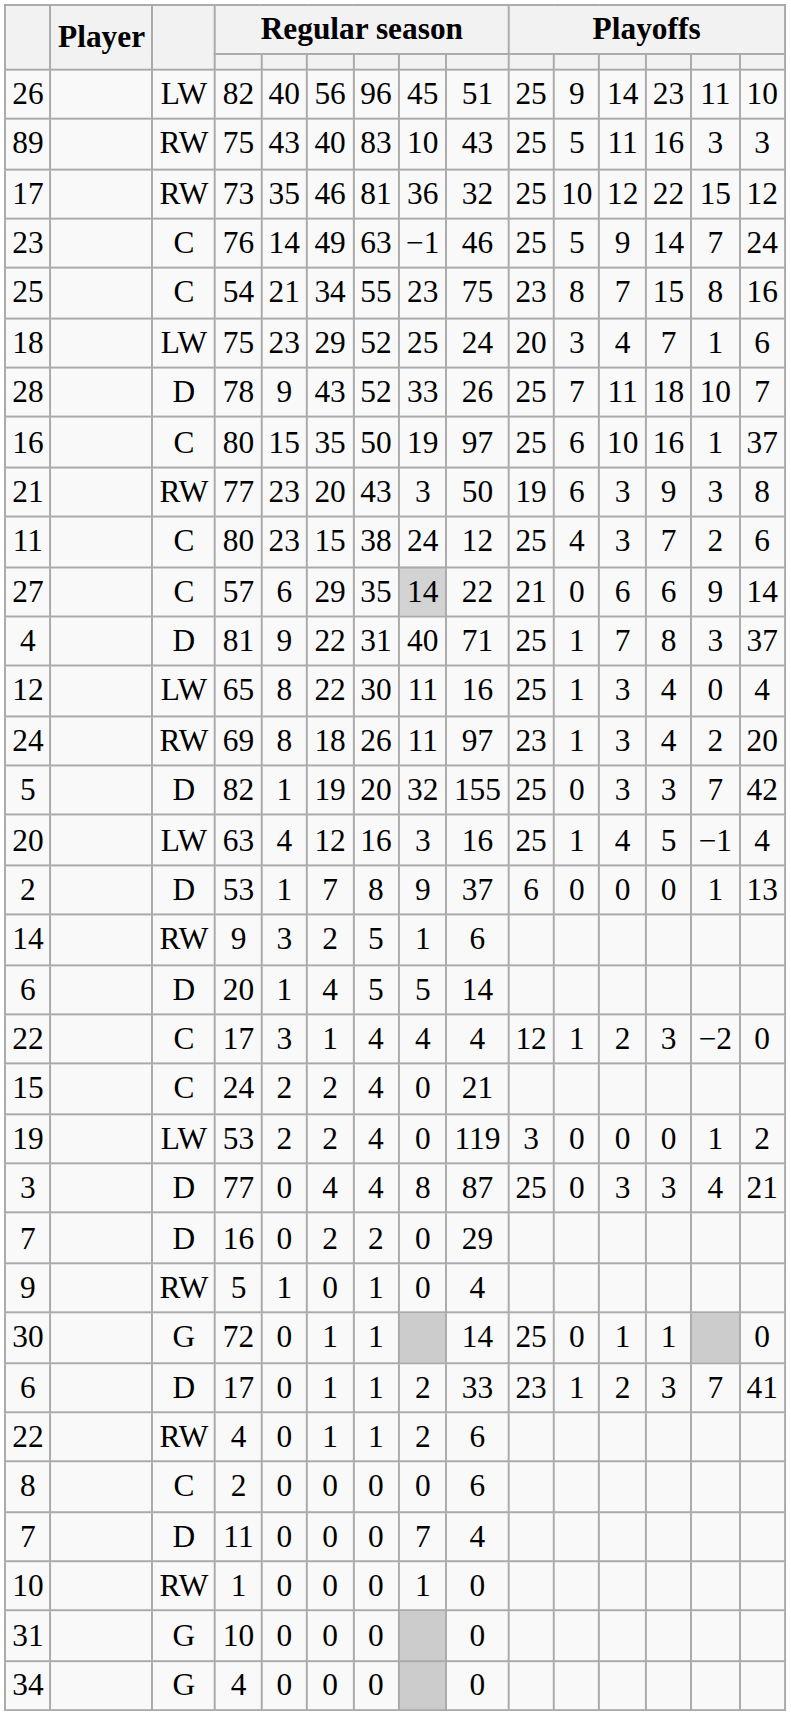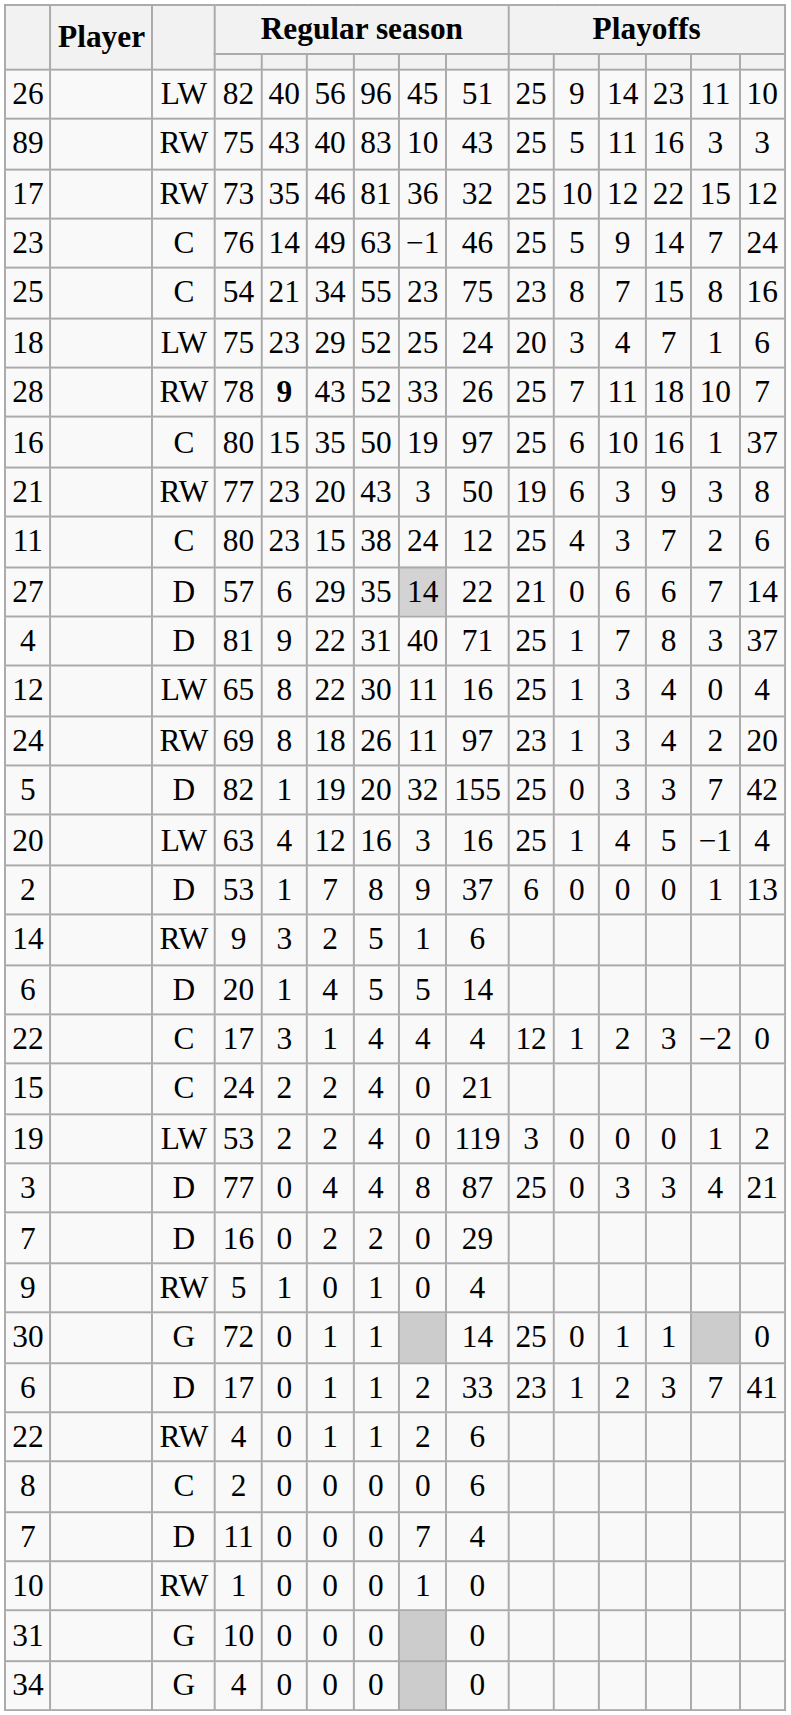 <table class="wikitable sortable plainrowheaders" style="text-align:center;">
 <tr>
 <th scope="col" data-sort-type="number" rowspan="2"></th>
 <th scope="col" rowspan="2">Player</th>
 <th scope="col" rowspan="2"></th>
 <th scope=colgroup colspan=6>Regular season</th>
 <th scope=colgroup colspan=6>Playoffs</th>
 </tr>
 <tr>
 <th scope="col" data-sort-type="number"></th>
 <th scope="col" data-sort-type="number"></th>
 <th scope="col" data-sort-type="number"></th>
 <th scope="col" data-sort-type="number"></th>
 <th scope="col" data-sort-type="number"></th>
 <th scope="col" data-sort-type="number"></th>
 <th scope="col" data-sort-type="number"></th>
 <th scope="col" data-sort-type="number"></th>
 <th scope="col" data-sort-type="number"></th>
 <th scope="col" data-sort-type="number"></th>
 <th scope="col" data-sort-type="number"></th>
 <th scope="col" data-sort-type="number"></th>
 </tr>
 <tr>
 <td scope="row">26</td>
 <td align="left"></td>
 <td>LW</td>
 <td>82</td>
 <td>40</td>
 <td>56</td>
 <td>96</td>
 <td>45</td>
 <td>51</td>
 <td>25</td>
 <td>9</td>
 <td>14</td>
 <td>23</td>
 <td>11</td>
 <td>10</td>
 </tr>
 <tr>
 <td scope="row">89</td>
 <td align="left"></td>
 <td>RW</td>
 <td>75</td>
 <td>43</td>
 <td>40</td>
 <td>83</td>
 <td>10</td>
 <td>43</td>
 <td>25</td>
 <td>5</td>
 <td>11</td>
 <td>16</td>
 <td>3</td>
 <td>3</td>
 </tr>
 <tr>
 <td scope="row">17</td>
 <td align="left"></td>
 <td>RW</td>
 <td>73</td>
 <td>35</td>
 <td>46</td>
 <td>81</td>
 <td>36</td>
 <td>32</td>
 <td>25</td>
 <td>10</td>
 <td>12</td>
 <td>22</td>
 <td>15</td>
 <td>12</td>
 </tr>
 <tr>
 <td scope="row">23</td>
 <td align="left"></td>
 <td>C</td>
 <td>76</td>
 <td>14</td>
 <td>49</td>
 <td>63</td>
 <td>−1</td>
 <td>46</td>
 <td>25</td>
 <td>5</td>
 <td>9</td>
 <td>14</td>
 <td>7</td>
 <td>24</td>
 </tr>
 <tr>
 <td scope="row">25</td>
 <td align="left"></td>
 <td>C</td>
 <td>54</td>
 <td>21</td>
 <td>34</td>
 <td>55</td>
 <td>23</td>
 <td>75</td>
 <td>23</td>
 <td>8</td>
 <td>7</td>
 <td>15</td>
 <td>8</td>
 <td>16</td>
 </tr>
 <tr>
 <td scope="row">18</td>
 <td align="left"></td>
 <td>LW</td>
 <td>75</td>
 <td>23</td>
 <td>29</td>
 <td>52</td>
 <td>25</td>
 <td>24</td>
 <td>20</td>
 <td>3</td>
 <td>4</td>
 <td>7</td>
 <td>1</td>
 <td>6</td>
 </tr>
 <tr>
 <td scope="row">28</td>
 <td align="left"></td>
-<td>D</td>
+<td>RW</td>
 <td>78</td>
-<td>9</td>
+<td><strong>9</strong></td>
 <td>43</td>
 <td>52</td>
 <td>33</td>
 <td>26</td>
 <td>25</td>
 <td>7</td>
 <td>11</td>
 <td>18</td>
 <td>10</td>
 <td>7</td>
 </tr>
 <tr>
 <td scope="row">16</td>
 <td align="left"></td>
 <td>C</td>
 <td>80</td>
 <td>15</td>
 <td>35</td>
 <td>50</td>
 <td>19</td>
 <td>97</td>
 <td>25</td>
 <td>6</td>
 <td>10</td>
 <td>16</td>
 <td>1</td>
 <td>37</td>
 </tr>
 <tr>
 <td scope="row">21</td>
 <td align="left"></td>
 <td>RW</td>
 <td>77</td>
 <td>23</td>
 <td>20</td>
 <td>43</td>
 <td>3</td>
 <td>50</td>
 <td>19</td>
 <td>6</td>
 <td>3</td>
 <td>9</td>
 <td>3</td>
 <td>8</td>
 </tr>
 <tr>
 <td scope="row">11</td>
 <td align="left"></td>
 <td>C</td>
 <td>80</td>
 <td>23</td>
 <td>15</td>
 <td>38</td>
 <td>24</td>
 <td>12</td>
 <td>25</td>
 <td>4</td>
 <td>3</td>
 <td>7</td>
 <td>2</td>
 <td>6</td>
 </tr>
 <tr>
 <td scope="row">27</td>
 <td align="left"></td>
-<td>C</td>
+<td>D</td>
 <td>57</td>
 <td>6</td>
 <td>29</td>
 <td>35</td>
 <td style="background: lightgrey;">14</td>
 <td>22</td>
 <td>21</td>
 <td>0</td>
 <td>6</td>
 <td>6</td>
-<td>9</td>
+<td>7</td>
 <td>14</td>
 </tr>
 <tr>
 <td scope="row">4</td>
 <td align="left"></td>
 <td>D</td>
 <td>81</td>
 <td>9</td>
 <td>22</td>
 <td>31</td>
 <td>40</td>
 <td>71</td>
 <td>25</td>
 <td>1</td>
 <td>7</td>
 <td>8</td>
 <td>3</td>
 <td>37</td>
 </tr>
 <tr>
 <td scope="row">12</td>
 <td align="left"></td>
 <td>LW</td>
 <td>65</td>
 <td>8</td>
 <td>22</td>
 <td>30</td>
 <td>11</td>
 <td>16</td>
 <td>25</td>
 <td>1</td>
 <td>3</td>
 <td>4</td>
 <td>0</td>
 <td>4</td>
 </tr>
 <tr>
 <td scope="row">24</td>
 <td align="left"></td>
 <td>RW</td>
 <td>69</td>
 <td>8</td>
 <td>18</td>
 <td>26</td>
 <td>11</td>
 <td>97</td>
 <td>23</td>
 <td>1</td>
 <td>3</td>
 <td>4</td>
 <td>2</td>
 <td>20</td>
 </tr>
 <tr>
 <td scope="row">5</td>
 <td align="left"></td>
 <td>D</td>
 <td>82</td>
 <td>1</td>
 <td>19</td>
 <td>20</td>
 <td>32</td>
 <td>155</td>
 <td>25</td>
 <td>0</td>
 <td>3</td>
 <td>3</td>
 <td>7</td>
 <td>42</td>
 </tr>
 <tr>
 <td scope="row">20</td>
 <td align="left"></td>
 <td>LW</td>
 <td>63</td>
 <td>4</td>
 <td>12</td>
 <td>16</td>
 <td>3</td>
 <td>16</td>
 <td>25</td>
 <td>1</td>
 <td>4</td>
 <td>5</td>
 <td>−1</td>
 <td>4</td>
 </tr>
 <tr>
 <td scope="row">2</td>
 <td align="left"></td>
 <td>D</td>
 <td>53</td>
 <td>1</td>
 <td>7</td>
 <td>8</td>
 <td>9</td>
 <td>37</td>
 <td>6</td>
 <td>0</td>
 <td>0</td>
 <td>0</td>
 <td>1</td>
 <td>13</td>
 </tr>
 <tr>
 <td scope="row">14</td>
 <td align="left"></td>
 <td>RW</td>
 <td>9</td>
 <td>3</td>
 <td>2</td>
 <td>5</td>
 <td>1</td>
 <td>6</td>
 <td></td>
 <td></td>
 <td></td>
 <td></td>
 <td></td>
 <td></td>
 </tr>
 <tr>
 <td scope="row">6</td>
 <td align="left"></td>
 <td>D</td>
 <td>20</td>
 <td>1</td>
 <td>4</td>
 <td>5</td>
 <td>5</td>
 <td>14</td>
 <td></td>
 <td></td>
 <td></td>
 <td></td>
 <td></td>
 <td></td>
 </tr>
 <tr>
 <td scope="row">22</td>
 <td align="left"></td>
 <td>C</td>
 <td>17</td>
 <td>3</td>
 <td>1</td>
 <td>4</td>
 <td>4</td>
 <td>4</td>
 <td>12</td>
 <td>1</td>
 <td>2</td>
 <td>3</td>
 <td>−2</td>
 <td>0</td>
 </tr>
 <tr>
 <td scope="row">15</td>
 <td align="left"></td>
 <td>C</td>
 <td>24</td>
 <td>2</td>
 <td>2</td>
 <td>4</td>
 <td>0</td>
 <td>21</td>
 <td></td>
 <td></td>
 <td></td>
 <td></td>
 <td></td>
 <td></td>
 </tr>
 <tr>
 <td scope="row">19</td>
 <td align="left"></td>
 <td>LW</td>
 <td>53</td>
 <td>2</td>
 <td>2</td>
 <td>4</td>
 <td>0</td>
 <td>119</td>
 <td>3</td>
 <td>0</td>
 <td>0</td>
 <td>0</td>
 <td>1</td>
 <td>2</td>
 </tr>
 <tr>
 <td scope="row">3</td>
 <td align="left"></td>
 <td>D</td>
 <td>77</td>
 <td>0</td>
 <td>4</td>
 <td>4</td>
 <td>8</td>
 <td>87</td>
 <td>25</td>
 <td>0</td>
 <td>3</td>
 <td>3</td>
 <td>4</td>
 <td>21</td>
 </tr>
 <tr>
 <td scope="row">7</td>
 <td align="left"></td>
 <td>D</td>
 <td>16</td>
 <td>0</td>
 <td>2</td>
 <td>2</td>
 <td>0</td>
 <td>29</td>
 <td></td>
 <td></td>
 <td></td>
 <td></td>
 <td></td>
 <td></td>
 </tr>
 <tr>
 <td scope="row">9</td>
 <td align="left"></td>
 <td>RW</td>
 <td>5</td>
 <td>1</td>
 <td>0</td>
 <td>1</td>
 <td>0</td>
 <td>4</td>
 <td></td>
 <td></td>
 <td></td>
 <td></td>
 <td></td>
 <td></td>
 </tr>
 <tr>
 <td scope="row">30</td>
 <td align="left"></td>
 <td>G</td>
 <td>72</td>
 <td>0</td>
 <td>1</td>
 <td>1</td>
 <td style="background:#ccc"></td>
 <td>14</td>
 <td>25</td>
 <td>0</td>
 <td>1</td>
 <td>1</td>
 <td style="background:#ccc"></td>
 <td>0</td>
 </tr>
 <tr>
 <td scope="row">6</td>
 <td align="left"></td>
 <td>D</td>
 <td>17</td>
 <td>0</td>
 <td>1</td>
 <td>1</td>
 <td>2</td>
 <td>33</td>
 <td>23</td>
 <td>1</td>
 <td>2</td>
 <td>3</td>
 <td>7</td>
 <td>41</td>
 </tr>
 <tr>
 <td scope="row">22</td>
 <td align="left"></td>
 <td>RW</td>
 <td>4</td>
 <td>0</td>
 <td>1</td>
 <td>1</td>
 <td>2</td>
 <td>6</td>
 <td></td>
 <td></td>
 <td></td>
 <td></td>
 <td></td>
 <td></td>
 </tr>
 <tr>
 <td scope="row">8</td>
 <td align="left"></td>
 <td>C</td>
 <td>2</td>
 <td>0</td>
 <td>0</td>
 <td>0</td>
 <td>0</td>
 <td>6</td>
 <td></td>
 <td></td>
 <td></td>
 <td></td>
 <td></td>
 <td></td>
 </tr>
 <tr>
 <td scope="row">7</td>
 <td align="left"></td>
 <td>D</td>
 <td>11</td>
 <td>0</td>
 <td>0</td>
 <td>0</td>
 <td>7</td>
 <td>4</td>
 <td></td>
 <td></td>
 <td></td>
 <td></td>
 <td></td>
 <td></td>
 </tr>
 <tr>
 <td scope="row">10</td>
 <td align="left"></td>
 <td>RW</td>
 <td>1</td>
 <td>0</td>
 <td>0</td>
 <td>0</td>
 <td>1</td>
 <td>0</td>
 <td></td>
 <td></td>
 <td></td>
 <td></td>
 <td></td>
 <td></td>
 </tr>
 <tr>
 <td scope="row">31</td>
 <td align="left"></td>
 <td>G</td>
 <td>10</td>
 <td>0</td>
 <td>0</td>
 <td>0</td>
 <td style="background:#ccc"></td>
 <td>0</td>
 <td></td>
 <td></td>
 <td></td>
 <td></td>
 <td></td>
 <td></td>
 </tr>
 <tr>
 <td scope="row">34</td>
 <td align="left"></td>
 <td>G</td>
 <td>4</td>
 <td>0</td>
 <td>0</td>
 <td>0</td>
 <td style="background:#ccc"></td>
 <td>0</td>
 <td></td>
 <td></td>
 <td></td>
 <td></td>
 <td></td>
 <td></td>
 </tr>
 </table>
